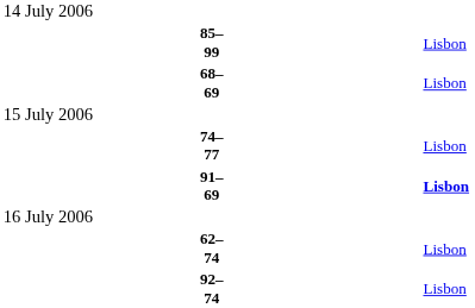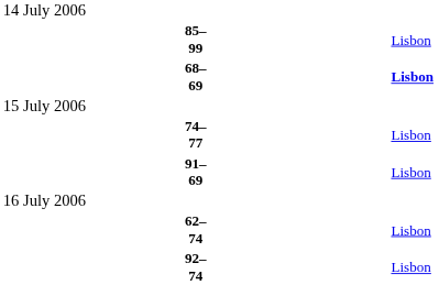 <table style="width:100%;" cellspacing="1">
 <tr>
 <th width=25%></th>
 <th width=3%></th>
 <th width=6%></th>
 <th width=3%></th>
 <th width=25%></th>
 </tr>
 <tr>
 <td>14 July 2006</td>
 </tr>
 <tr style=font-size:90%>
 <td align=right><strong></strong></td>
 <td></td>
 <td align=center><strong>85–99</strong></td>
 <td></td>
 <td><strong></strong></td>
 <td><a href='#'>Lisbon</a></td>
 </tr>
 <tr style=font-size:90%>
 <td align=right><strong></strong></td>
 <td></td>
 <td align=center><strong>68–69</strong></td>
 <td></td>
 <td><strong></strong></td>
-<td><a href='#'>Lisbon</a></td>
+<td><strong><a href='#'>Lisbon</a></strong></td>
 </tr>
 <tr>
 <td>15 July 2006</td>
 </tr>
 <tr style=font-size:90%>
 <td align=right><strong></strong></td>
 <td></td>
 <td align=center><strong>74–77</strong></td>
 <td></td>
 <td><strong></strong></td>
 <td><a href='#'>Lisbon</a></td>
 </tr>
 <tr style=font-size:90%>
 <td align=right><strong></strong></td>
 <td></td>
 <td align=center><strong>91–69</strong></td>
 <td></td>
 <td><strong></strong></td>
-<td><strong><a href='#'>Lisbon</a></strong></td>
+<td><a href='#'>Lisbon</a></td>
 </tr>
 <tr>
 <td>16 July 2006</td>
 </tr>
 <tr style=font-size:90%>
 <td align=right><strong></strong></td>
 <td></td>
 <td align=center><strong>62–74</strong></td>
 <td></td>
 <td><strong></strong></td>
 <td><a href='#'>Lisbon</a></td>
 </tr>
 <tr style=font-size:90%>
 <td align=right><strong></strong></td>
 <td></td>
 <td align=center><strong>92–74</strong></td>
 <td></td>
 <td><strong></strong></td>
 <td><a href='#'>Lisbon</a></td>
 </tr>
 </table>
